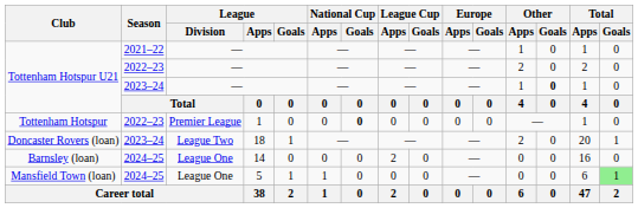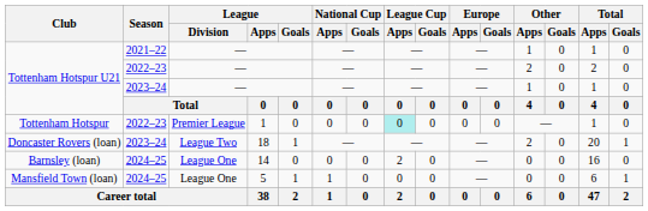 <table class="wikitable" style="text-align:center">
 <tr>
 <th rowspan="2">Club</th>
 <th rowspan="2">Season</th>
 <th colspan="3">League</th>
 <th colspan="2">National Cup</th>
 <th colspan="2">League Cup</th>
 <th colspan="2">Europe</th>
 <th colspan="2">Other</th>
 <th colspan="2">Total</th>
 </tr>
 <tr>
 <th>Division</th>
 <th>Apps</th>
 <th>Goals</th>
 <th>Apps</th>
 <th>Goals</th>
 <th>Apps</th>
 <th>Goals</th>
 <th>Apps</th>
 <th>Goals</th>
 <th>Apps</th>
 <th>Goals</th>
 <th>Apps</th>
 <th>Goals</th>
 </tr>
 <tr>
 <td rowspan=4><a href='#'>Tottenham Hotspur U21</a></td>
 <td><a href='#'>2021–22</a></td>
 <td colspan=3>—</td>
 <td colspan=2>—</td>
 <td colspan=2>—</td>
 <td colspan=2>—</td>
 <td>1</td>
 <td>0</td>
 <td>1</td>
 <td>0</td>
 </tr>
 <tr>
 <td><a href='#'>2022–23</a></td>
 <td colspan=3>—</td>
 <td colspan=2>—</td>
 <td colspan=2>—</td>
 <td colspan=2>—</td>
 <td>2</td>
 <td>0</td>
 <td>2</td>
 <td>0</td>
 </tr>
 <tr>
 <td><a href='#'>2023–24</a></td>
 <td colspan=3>—</td>
 <td colspan=2>—</td>
 <td colspan=2>—</td>
 <td colspan=2>—</td>
 <td>1</td>
-<td><strong>0</strong></td>
+<td>0</td>
 <td>1</td>
 <td>0</td>
 </tr>
 <tr>
 <th colspan="2">Total</th>
 <th>0</th>
 <th>0</th>
 <th>0</th>
 <th>0</th>
 <th>0</th>
 <th>0</th>
 <th>0</th>
 <th>0</th>
 <th>4</th>
 <th>0</th>
 <th>4</th>
 <th>0</th>
 </tr>
 <tr>
 <td><a href='#'>Tottenham Hotspur</a></td>
 <td><a href='#'>2022–23</a></td>
 <td><a href='#'>Premier League</a></td>
 <td>1</td>
 <td>0</td>
 <td>0</td>
-<td><strong>0</strong></td>
 <td>0</td>
+<td style="background: paleturquoise;">0</td>
 <td>0</td>
 <td>0</td>
 <td>0</td>
 <td colspan=2>—</td>
 <td>1</td>
 <td>0</td>
 </tr>
 <tr>
 <td><a href='#'>Doncaster Rovers</a> (loan)</td>
 <td><a href='#'>2023–24</a></td>
 <td><a href='#'>League Two</a></td>
 <td>18</td>
 <td>1</td>
 <td colspan=2>—</td>
 <td colspan=2>—</td>
 <td colspan=2>—</td>
 <td>2</td>
 <td>0</td>
 <td>20</td>
 <td>1</td>
 </tr>
 <tr>
 <td><a href='#'>Barnsley</a> (loan)</td>
 <td><a href='#'>2024–25</a></td>
 <td><a href='#'>League One</a></td>
 <td>14</td>
 <td>0</td>
 <td>0</td>
 <td>0</td>
 <td>2</td>
 <td>0</td>
 <td colspan=2>—</td>
 <td>0</td>
 <td>0</td>
 <td>16</td>
 <td>0</td>
 </tr>
 <tr>
 <td><a href='#'>Mansfield Town</a> (loan)</td>
 <td><a href='#'>2024–25</a></td>
 <td>League One</td>
 <td>5</td>
 <td>1</td>
 <td>1</td>
 <td>0</td>
 <td>0</td>
 <td>0</td>
 <td colspan=2>—</td>
 <td>0</td>
 <td>0</td>
 <td>6</td>
-<td style="background: lightgreen;">1</td>
+<td>1</td>
 </tr>
 <tr>
 <th colspan="3">Career total</th>
 <th>38</th>
 <th>2</th>
 <th>1</th>
 <th>0</th>
 <th>2</th>
 <th>0</th>
 <th>0</th>
 <th>0</th>
 <th>6</th>
 <th>0</th>
 <th>47</th>
 <th>2</th>
 </tr>
 </table>
